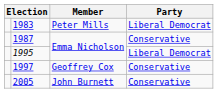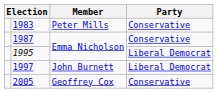 <table class="wikitable">
 <tr>
 <th colspan="2">Election</th>
 <th>Member</th>
 <th>Party</th>
 </tr>
 <tr>
 <td style="color:inherit;background-color: "></td>
 <td><a href='#'>1983</a></td>
 <td><a href='#'>Peter Mills</a></td>
-<td><a href='#'>Liberal Democrat</a></td>
+<td><a href='#'>Conservative</a></td>
 </tr>
 <tr>
 <td style="color:inherit;background-color: "></td>
 <td><a href='#'>1987</a></td>
 <td rowspan="2"><a href='#'>Emma Nicholson</a></td>
 <td><a href='#'>Conservative</a></td>
 </tr>
 <tr>
 <td style="color:inherit;background-color: "></td>
 <td><em>1995</em></td>
 <td><a href='#'>Liberal Democrat</a></td>
 </tr>
 <tr>
 <td style="color:inherit;background-color: "></td>
 <td><a href='#'>1997</a></td>
-<td><a href='#'>Geoffrey Cox</a></td>
-<td><a href='#'>Conservative</a></td>
+<td><a href='#'>John Burnett</a></td>
+<td><a href='#'>Liberal Democrat</a></td>
 </tr>
 <tr>
 <td style="color:inherit;background-color: "></td>
 <td><a href='#'>2005</a></td>
-<td><a href='#'>John Burnett</a></td>
+<td><a href='#'>Geoffrey Cox</a></td>
 <td><a href='#'>Conservative</a></td>
 </tr>
 </table>
